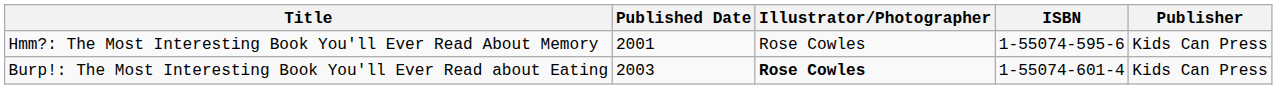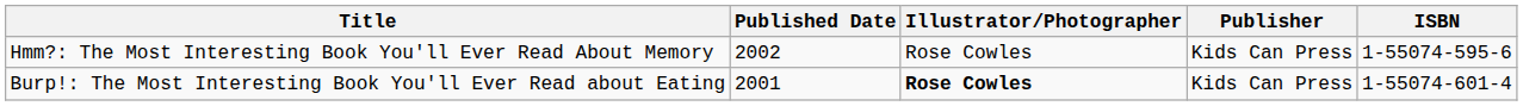 <table class="wikitable sortable">
 <tr>
 <th><strong>Title</strong></th>
 <th><strong>Published Date</strong></th>
 <th><strong>Illustrator/Photographer</strong></th>
+<th><strong>Publisher</strong></th>
 <th><strong>ISBN</strong></th>
-<th><strong>Publisher</strong></th>
 </tr>
 <tr>
 <td>Hmm?: The Most Interesting Book You'll Ever Read About Memory</td>
-<td>2001</td>
+<td>2002</td>
 <td>Rose Cowles</td>
+<td>Kids Can Press</td>
 <td>1-55074-595-6</td>
-<td>Kids Can Press</td>
 </tr>
 <tr>
 <td>Burp!: The Most Interesting Book You'll Ever Read about Eating</td>
-<td>2003</td>
+<td>2001</td>
 <td><strong>Rose Cowles</strong></td>
+<td>Kids Can Press</td>
 <td>1-55074-601-4</td>
-<td>Kids Can Press</td>
 </tr>
 </table>
